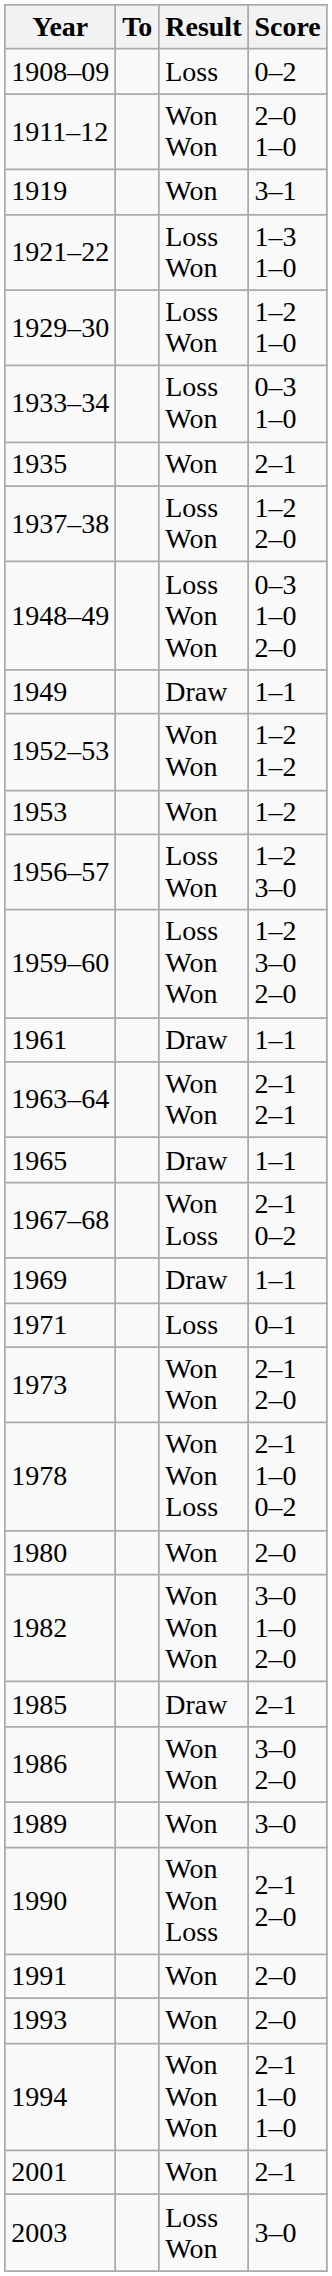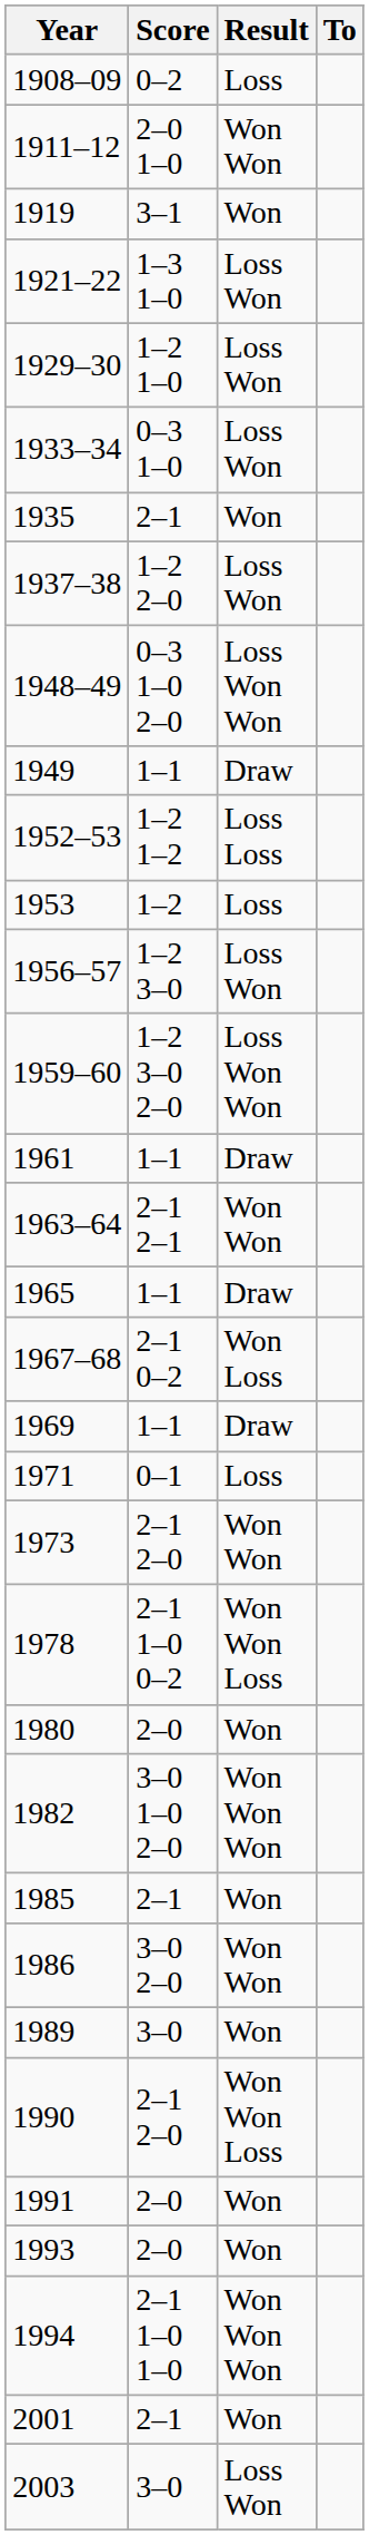 <table class="wikitable" style="align:center;">
 <tr>
 <th>Year</th>
+<th>Score</th>
+<th>Result</th>
 <th>To</th>
-<th>Result</th>
-<th>Score</th>
 </tr>
 <tr>
 <td>1908–09</td>
+<td>0–2</td>
+<td>Loss</td>
 <td></td>
-<td>Loss</td>
-<td>0–2</td>
 </tr>
 <tr>
 <td>1911–12</td>
+<td>2–0 <br> 1–0</td>
+<td>Won <br> Won</td>
 <td> <br> </td>
-<td>Won <br> Won</td>
-<td>2–0 <br> 1–0</td>
 </tr>
 <tr>
 <td>1919</td>
+<td>3–1</td>
+<td>Won</td>
 <td></td>
-<td>Won</td>
-<td>3–1</td>
 </tr>
 <tr>
 <td>1921–22</td>
+<td>1–3 <br> 1–0</td>
+<td>Loss <br> Won</td>
 <td> <br> </td>
-<td>Loss <br> Won</td>
-<td>1–3 <br> 1–0</td>
 </tr>
 <tr>
 <td>1929–30</td>
+<td>1–2 <br> 1–0</td>
+<td>Loss <br> Won</td>
 <td> <br> </td>
-<td>Loss <br> Won</td>
-<td>1–2 <br> 1–0</td>
 </tr>
 <tr>
 <td>1933–34</td>
+<td>0–3 <br> 1–0</td>
+<td>Loss <br> Won</td>
 <td> <br> </td>
-<td>Loss <br> Won</td>
-<td>0–3 <br> 1–0</td>
 </tr>
 <tr>
 <td>1935</td>
+<td>2–1</td>
+<td>Won</td>
 <td></td>
-<td>Won</td>
-<td>2–1</td>
 </tr>
 <tr>
 <td>1937–38</td>
+<td>1–2 <br> 2–0</td>
+<td>Loss <br> Won</td>
 <td> <br> </td>
-<td>Loss <br> Won</td>
-<td>1–2 <br> 2–0</td>
 </tr>
 <tr>
 <td>1948–49</td>
+<td>0–3 <br> 1–0 <br> 2–0</td>
+<td>Loss <br> Won <br> Won</td>
 <td> <br>  <br> </td>
-<td>Loss <br> Won <br> Won</td>
-<td>0–3 <br> 1–0 <br> 2–0</td>
 </tr>
 <tr>
 <td>1949</td>
+<td>1–1</td>
+<td>Draw</td>
 <td></td>
-<td>Draw</td>
-<td>1–1</td>
 </tr>
 <tr>
 <td>1952–53</td>
+<td>1–2 <br> 1–2</td>
+<td>Loss <br> Loss</td>
 <td> <br> </td>
-<td>Won <br> Won</td>
-<td>1–2 <br> 1–2</td>
 </tr>
 <tr>
 <td>1953</td>
+<td>1–2</td>
+<td>Loss</td>
 <td></td>
-<td>Won</td>
-<td>1–2</td>
 </tr>
 <tr>
 <td>1956–57</td>
+<td>1–2 <br> 3–0</td>
+<td>Loss <br> Won</td>
 <td> <br> </td>
-<td>Loss <br> Won</td>
-<td>1–2 <br> 3–0</td>
 </tr>
 <tr>
 <td>1959–60</td>
+<td>1–2 <br> 3–0 <br> 2–0</td>
+<td>Loss <br> Won <br> Won</td>
 <td> <br>  <br> </td>
-<td>Loss <br> Won <br> Won</td>
-<td>1–2 <br> 3–0 <br> 2–0</td>
 </tr>
 <tr>
 <td>1961</td>
+<td>1–1</td>
+<td>Draw</td>
 <td></td>
-<td>Draw</td>
-<td>1–1</td>
 </tr>
 <tr>
 <td>1963–64</td>
+<td>2–1 <br> 2–1</td>
+<td>Won <br> Won</td>
 <td> <br> </td>
-<td>Won <br> Won</td>
-<td>2–1 <br> 2–1</td>
 </tr>
 <tr>
 <td>1965</td>
+<td>1–1</td>
+<td>Draw</td>
 <td></td>
-<td>Draw</td>
-<td>1–1</td>
 </tr>
 <tr>
 <td>1967–68</td>
+<td>2–1 <br> 0–2</td>
+<td>Won <br> Loss</td>
 <td> <br> </td>
-<td>Won <br> Loss</td>
-<td>2–1 <br> 0–2</td>
 </tr>
 <tr>
 <td>1969</td>
+<td>1–1</td>
+<td>Draw</td>
 <td></td>
-<td>Draw</td>
-<td>1–1</td>
 </tr>
 <tr>
 <td>1971</td>
+<td>0–1</td>
+<td>Loss</td>
 <td></td>
-<td>Loss</td>
-<td>0–1</td>
 </tr>
 <tr>
 <td>1973</td>
+<td>2–1 <br> 2–0</td>
+<td>Won <br> Won</td>
 <td> <br> </td>
-<td>Won <br> Won</td>
-<td>2–1 <br> 2–0</td>
 </tr>
 <tr>
 <td>1978</td>
+<td>2–1 <br> 1–0 <br> 0–2</td>
+<td>Won <br> Won <br> Loss</td>
 <td> <br>  <br> </td>
-<td>Won <br> Won <br> Loss</td>
-<td>2–1 <br> 1–0 <br> 0–2</td>
 </tr>
 <tr>
 <td>1980</td>
+<td>2–0</td>
+<td>Won</td>
 <td></td>
-<td>Won</td>
-<td>2–0</td>
 </tr>
 <tr>
 <td>1982</td>
+<td>3–0 <br> 1–0 <br> 2–0</td>
+<td>Won <br> Won <br> Won</td>
 <td> <br>  <br> </td>
-<td>Won <br> Won <br> Won</td>
-<td>3–0 <br> 1–0 <br> 2–0</td>
 </tr>
 <tr>
 <td>1985</td>
+<td>2–1</td>
+<td>Won</td>
 <td></td>
-<td>Draw</td>
-<td>2–1</td>
 </tr>
 <tr>
 <td>1986</td>
+<td>3–0 <br> 2–0</td>
+<td>Won <br> Won</td>
 <td> <br> </td>
-<td>Won <br> Won</td>
-<td>3–0 <br> 2–0</td>
 </tr>
 <tr>
 <td>1989</td>
+<td>3–0</td>
+<td>Won</td>
 <td></td>
-<td>Won</td>
-<td>3–0</td>
 </tr>
 <tr>
 <td>1990</td>
+<td>2–1 <br> 2–0</td>
+<td>Won <br> Won <br> Loss</td>
 <td> <br> </td>
-<td>Won <br> Won <br> Loss</td>
-<td>2–1 <br> 2–0</td>
 </tr>
 <tr>
 <td>1991</td>
+<td>2–0</td>
+<td>Won</td>
 <td></td>
-<td>Won</td>
-<td>2–0</td>
 </tr>
 <tr>
 <td>1993</td>
+<td>2–0</td>
+<td>Won</td>
 <td></td>
-<td>Won</td>
-<td>2–0</td>
 </tr>
 <tr>
 <td>1994</td>
+<td>2–1 <br> 1–0 <br> 1–0</td>
+<td>Won <br> Won <br> Won</td>
 <td> <br>  <br> </td>
-<td>Won <br> Won <br> Won</td>
-<td>2–1 <br> 1–0 <br> 1–0</td>
 </tr>
 <tr>
 <td>2001</td>
+<td>2–1</td>
+<td>Won</td>
 <td></td>
-<td>Won</td>
-<td>2–1</td>
 </tr>
 <tr>
 <td>2003</td>
+<td>3–0</td>
+<td>Loss <br> Won</td>
 <td></td>
-<td>Loss <br> Won</td>
-<td>3–0</td>
 </tr>
 </table>
